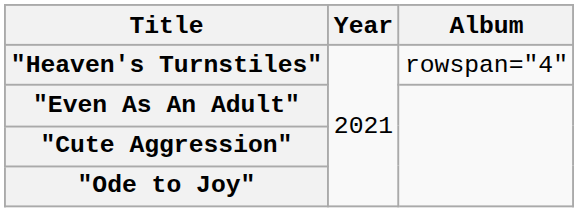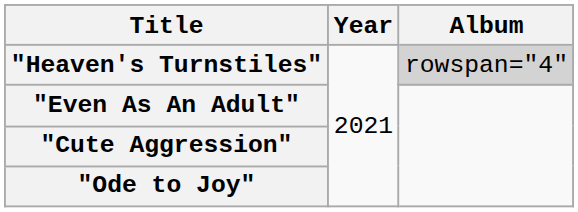 <table class="wikitable plainrowheaders" style="text-align:center;">
 <tr>
 <th scope="col">Title</th>
 <th scope="col">Year</th>
 <th scope="col">Album</th>
 </tr>
 <tr>
 <th scope="row">"Heaven's Turnstiles" </th>
 <td rowspan="4">2021</td>
-<td>rowspan="4" </td>
+<td style="background: lightgrey;">rowspan="4" </td>
 </tr>
 <tr>
 <th scope="row">"Even As An Adult" </th>
 </tr>
 <tr>
 <th scope="row">"Cute Aggression" </th>
 </tr>
 <tr>
 <th scope="row">"Ode to Joy" </th>
 </tr>
 </table>
